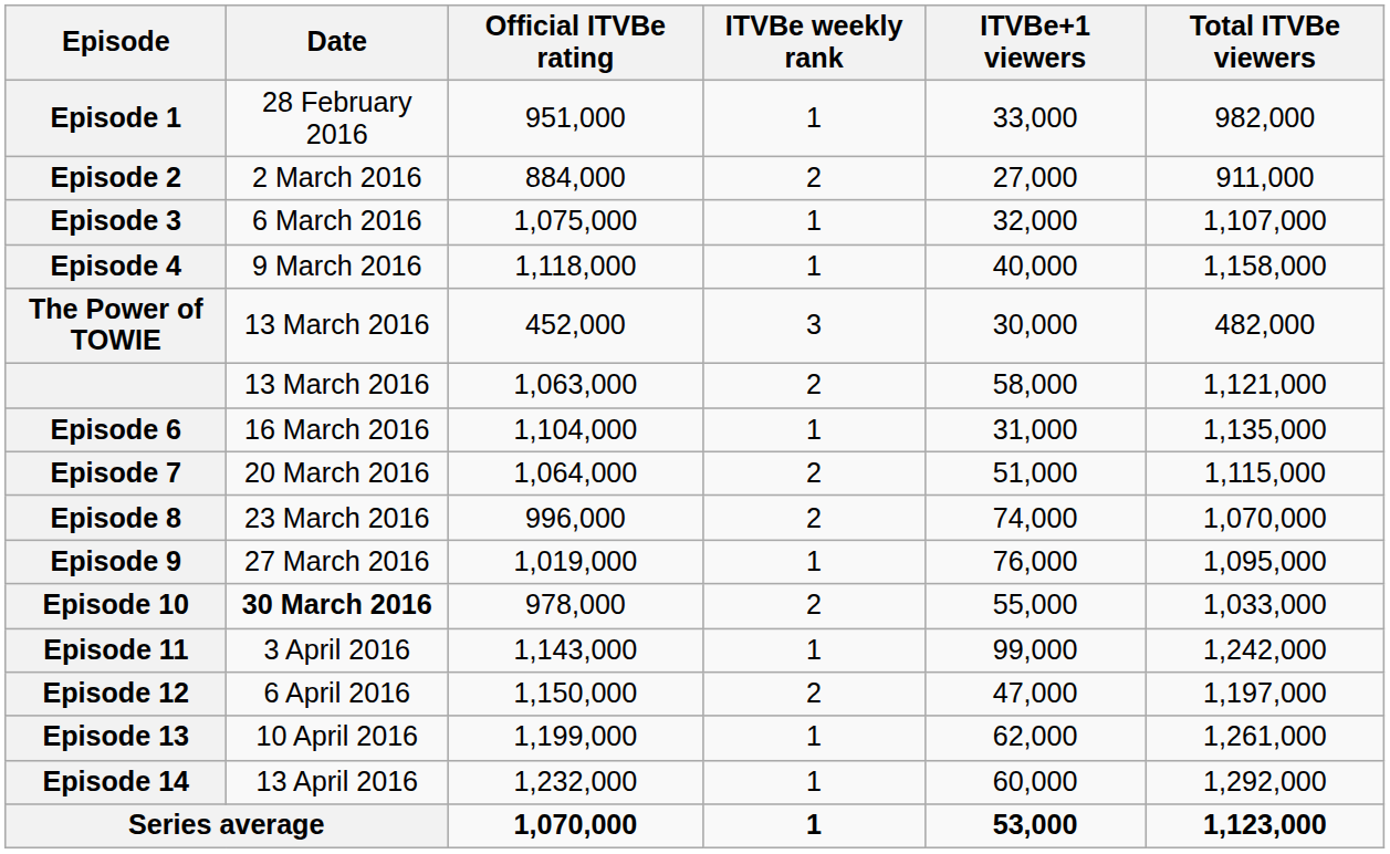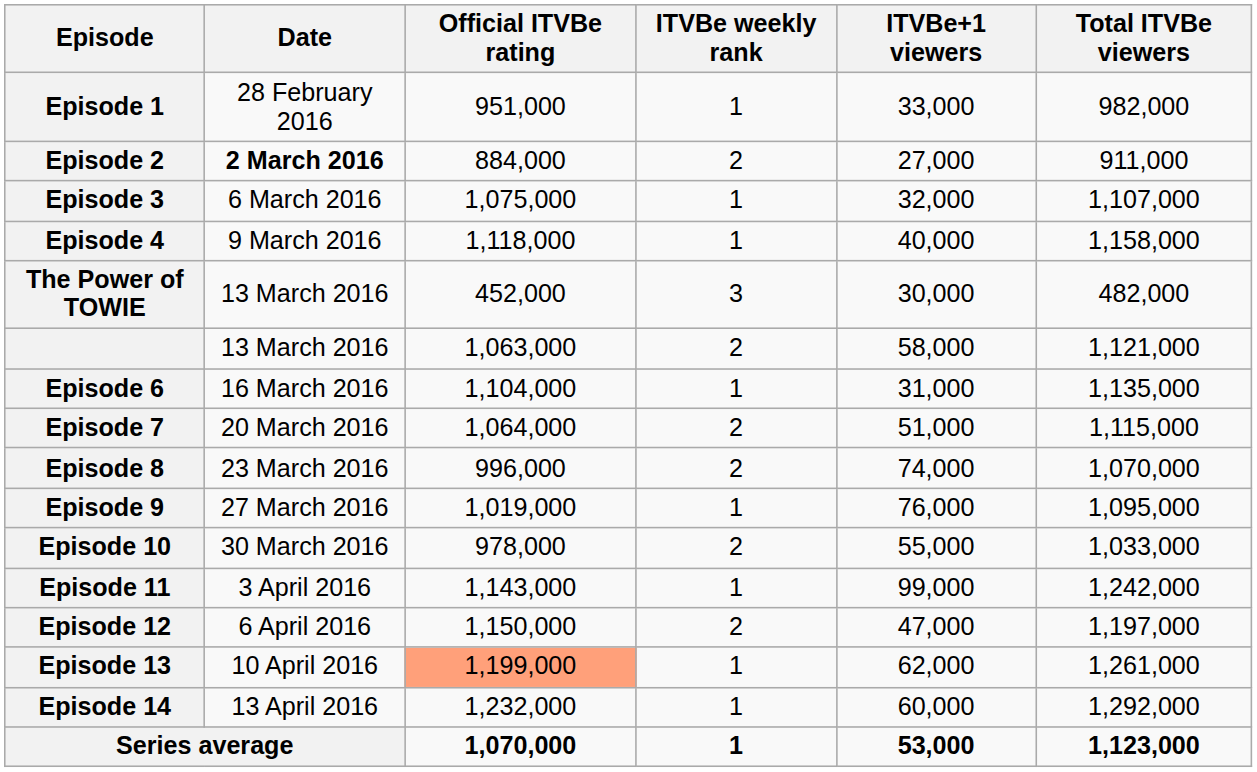 <table class="wikitable sortable" style="text-align:center">
 <tr>
 <th scope="col" style="width:120px;">Episode</th>
 <th scope="col" style="width:120px;">Date</th>
 <th scope="col" style="width:140px;">Official ITVBe rating<br></th>
 <th scope="col" style="width:120px;">ITVBe weekly rank</th>
 <th scope="col" style="width:120px;">ITVBe+1 viewers </th>
 <th scope="col" style="width:130px;">Total ITVBe viewers</th>
 </tr>
 <tr>
 <th scope="row">Episode 1</th>
 <td>28 February 2016</td>
 <td>951,000</td>
 <td>1</td>
 <td>33,000</td>
 <td>982,000</td>
 </tr>
 <tr>
 <th scope="row">Episode 2</th>
-<td>2 March 2016</td>
+<td><strong>2 March 2016</strong></td>
 <td>884,000</td>
 <td>2</td>
 <td>27,000</td>
 <td>911,000</td>
 </tr>
 <tr>
 <th scope="row">Episode 3</th>
 <td>6 March 2016</td>
 <td>1,075,000</td>
 <td>1</td>
 <td>32,000</td>
 <td>1,107,000</td>
 </tr>
 <tr>
 <th scope="row">Episode 4</th>
 <td>9 March 2016</td>
 <td>1,118,000</td>
 <td>1</td>
 <td>40,000</td>
 <td>1,158,000</td>
 </tr>
 <tr>
 <th scope="row">The Power of TOWIE</th>
 <td>13 March 2016</td>
 <td>452,000</td>
 <td>3</td>
 <td>30,000</td>
 <td>482,000</td>
 </tr>
 <tr>
 <th scope="row"></th>
 <td>13 March 2016</td>
 <td>1,063,000</td>
 <td>2</td>
 <td>58,000</td>
 <td>1,121,000</td>
 </tr>
 <tr>
 <th scope="row">Episode 6</th>
 <td>16 March 2016</td>
 <td>1,104,000</td>
 <td>1</td>
 <td>31,000</td>
 <td>1,135,000</td>
 </tr>
 <tr>
 <th scope="row">Episode 7</th>
 <td>20 March 2016</td>
 <td>1,064,000</td>
 <td>2</td>
 <td>51,000</td>
 <td>1,115,000</td>
 </tr>
 <tr>
 <th scope="row">Episode 8</th>
 <td>23 March 2016</td>
 <td>996,000</td>
 <td>2</td>
 <td>74,000</td>
 <td>1,070,000</td>
 </tr>
 <tr>
 <th scope="row">Episode 9</th>
 <td>27 March 2016</td>
 <td>1,019,000</td>
 <td>1</td>
 <td>76,000</td>
 <td>1,095,000</td>
 </tr>
 <tr>
 <th scope="row">Episode 10</th>
-<td><strong>30 March 2016</strong></td>
+<td>30 March 2016</td>
 <td>978,000</td>
 <td>2</td>
 <td>55,000</td>
 <td>1,033,000</td>
 </tr>
 <tr>
 <th scope="row">Episode 11</th>
 <td>3 April 2016</td>
 <td>1,143,000</td>
 <td>1</td>
 <td>99,000</td>
 <td>1,242,000</td>
 </tr>
 <tr>
 <th scope="row">Episode 12</th>
 <td>6 April 2016</td>
 <td>1,150,000</td>
 <td>2</td>
 <td>47,000</td>
 <td>1,197,000</td>
 </tr>
 <tr>
 <th scope="row">Episode 13</th>
 <td>10 April 2016</td>
-<td>1,199,000</td>
+<td style="background: lightsalmon;">1,199,000</td>
 <td>1</td>
 <td>62,000</td>
 <td>1,261,000</td>
 </tr>
 <tr>
 <th scope="row">Episode 14</th>
 <td>13 April 2016</td>
 <td>1,232,000</td>
 <td>1</td>
 <td>60,000</td>
 <td>1,292,000</td>
 </tr>
 <tr>
 <th scope="row" colspan="2">Series average</th>
 <td><strong>1,070,000</strong></td>
 <td><strong>1</strong></td>
 <td><strong>53,000</strong></td>
 <td><strong>1,123,000</strong></td>
 </tr>
 </table>
